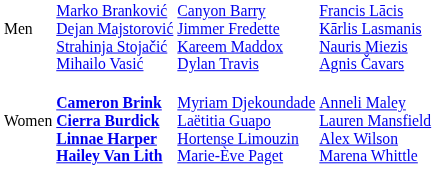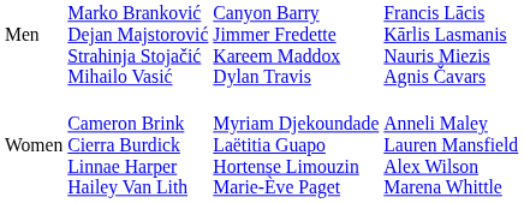 <table>
 <tr>
 <td>Men<br></td>
 <td><br><a href='#'>Marko Branković</a><br><a href='#'>Dejan Majstorović</a><br><a href='#'>Strahinja Stojačić</a><br><a href='#'>Mihailo Vasić</a></td>
 <td><br><a href='#'>Canyon Barry</a><br><a href='#'>Jimmer Fredette</a><br><a href='#'>Kareem Maddox</a><br><a href='#'>Dylan Travis</a></td>
 <td><br><a href='#'>Francis Lācis</a><br><a href='#'>Kārlis Lasmanis</a><br><a href='#'>Nauris Miezis</a><br><a href='#'>Agnis Čavars</a></td>
 </tr>
 <tr>
 <td>Women<br></td>
-<td><strong><br><a href='#'>Cameron Brink</a><br><a href='#'>Cierra Burdick</a><br><a href='#'>Linnae Harper</a><br><a href='#'>Hailey Van Lith</a></strong></td>
+<td><br><a href='#'>Cameron Brink</a><br><a href='#'>Cierra Burdick</a><br><a href='#'>Linnae Harper</a><br><a href='#'>Hailey Van Lith</a></td>
 <td><br><a href='#'>Myriam Djekoundade</a><br><a href='#'>Laëtitia Guapo</a><br><a href='#'>Hortense Limouzin</a><br><a href='#'>Marie-Ève Paget</a></td>
 <td><br><a href='#'>Anneli Maley</a><br><a href='#'>Lauren Mansfield</a><br><a href='#'>Alex Wilson</a><br><a href='#'>Marena Whittle</a></td>
 </tr>
 </table>
